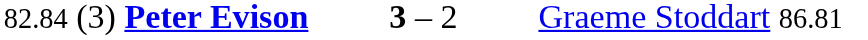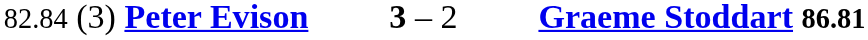 <table style="text-align:center">
 <tr>
 <th width=223></th>
 <th width=100></th>
 <th width=223></th>
 </tr>
 <tr>
 <td align=right><small>82.84</small> (3) <strong><a href='#'>Peter Evison</a></strong> </td>
 <td><strong>3</strong> – 2</td>
-<td align=left> <a href='#'>Graeme Stoddart</a> <small>86.81</small></td>
+<td align=left><strong> <a href='#'>Graeme Stoddart</a> <small>86.81</small></strong></td>
 </tr>
 </table>
